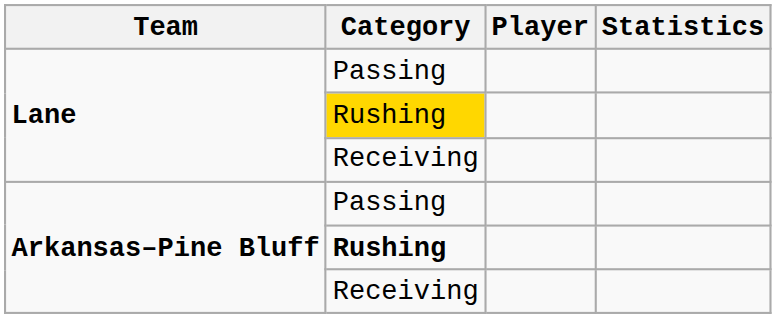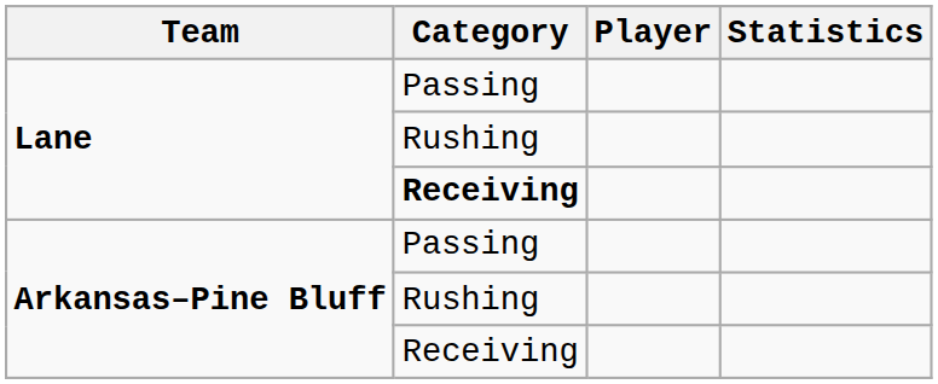 <table class="wikitable" style="float: left;">
 <tr>
 <th>Team</th>
 <th>Category</th>
 <th>Player</th>
 <th>Statistics</th>
 </tr>
 <tr>
 <td rowspan=3><strong>Lane</strong></td>
 <td>Passing</td>
 <td> </td>
 <td> </td>
 </tr>
 <tr>
-<td style="background: gold;">Rushing</td>
+<td>Rushing</td>
 <td> </td>
 <td> </td>
 </tr>
 <tr>
-<td>Receiving</td>
+<td><strong>Receiving</strong></td>
 <td> </td>
 <td> </td>
 </tr>
 <tr>
 <td rowspan=3><strong>Arkansas–Pine Bluff</strong></td>
 <td>Passing</td>
 <td> </td>
 <td> </td>
 </tr>
 <tr>
-<td><strong>Rushing</strong></td>
+<td>Rushing</td>
 <td> </td>
 <td> </td>
 </tr>
 <tr>
 <td>Receiving</td>
 <td> </td>
 <td> </td>
 </tr>
 </table>
